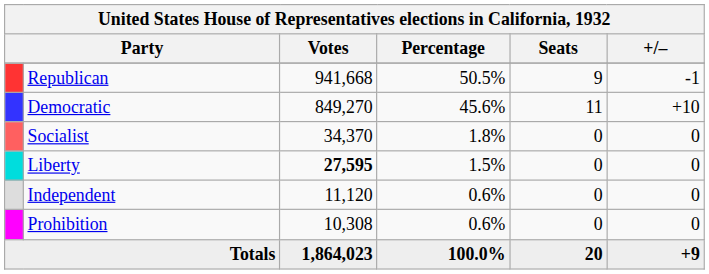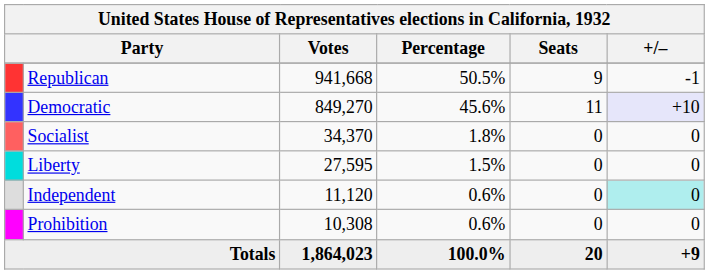 <table class="wikitable" style="font-size: 95%;">
 <tr>
 <th colspan="6">United States House of Representatives elections in California, 1932</th>
 </tr>
 <tr>
 <th colspan=2 style="width: 15em">Party</th>
 <th style="width: 5em">Votes</th>
 <th style="width: 7em">Percentage</th>
 <th style="width: 5em">Seats</th>
 <th style="width: 5em">+/–</th>
 </tr>
 <tr>
 </tr>
 <tr>
 <th style="background-color:#FF3333; width: 3px"></th>
 <td style="width: 130px"><a href='#'>Republican</a></td>
 <td style="text-align:right;">941,668</td>
 <td style="text-align:right;">50.5%</td>
 <td style="text-align:right;">9</td>
 <td style="text-align:right;">-1</td>
 </tr>
 <tr>
 <th style="background-color:#3333FF; width: 3px"></th>
 <td style="width: 130px"><a href='#'>Democratic</a></td>
 <td style="text-align:right;">849,270</td>
 <td style="text-align:right;">45.6%</td>
 <td style="text-align:right;">11</td>
-<td style="text-align:right;">+10</td>
+<td style="background: lavender; text-align:right;">+10</td>
 </tr>
 <tr>
 <th style="background-color:#FF6060; width: 3px"></th>
 <td style="width: 130px"><a href='#'>Socialist</a></td>
 <td style="text-align:right;">34,370</td>
 <td style="text-align:right;">1.8%</td>
 <td style="text-align:right;">0</td>
 <td style="text-align:right;">0</td>
 </tr>
 <tr>
 <th style="background-color:#00DDDD; width: 3px"></th>
 <td style="width: 130px"><a href='#'>Liberty</a></td>
-<td style="text-align:right;"><strong>27,595</strong></td>
+<td style="text-align:right;">27,595</td>
 <td style="text-align:right;">1.5%</td>
 <td style="text-align:right;">0</td>
 <td style="text-align:right;">0</td>
 </tr>
 <tr>
 <th style="background-color:#DDDDDD; width: 3px"></th>
 <td style="width: 130px"><a href='#'>Independent</a></td>
 <td style="text-align:right;">11,120</td>
 <td style="text-align:right;">0.6%</td>
 <td style="text-align:right;">0</td>
-<td style="text-align:right;">0</td>
+<td style="background: paleturquoise; text-align:right;">0</td>
 </tr>
 <tr>
 <th style="background-color:#FF00FF; width: 3px"></th>
 <td style="width: 130px"><a href='#'>Prohibition</a></td>
 <td style="text-align:right;">10,308</td>
 <td style="text-align:right;">0.6%</td>
 <td style="text-align:right;">0</td>
 <td style="text-align:right;">0</td>
 </tr>
 <tr style="background-color:#EEEEEE;">
 <td colspan="2" align="right"><strong>Totals</strong></td>
 <td style="text-align:right;"><strong>1,864,023</strong></td>
 <td style="text-align:right;"><strong>100.0%</strong></td>
 <td style="text-align:right;"><strong>20</strong></td>
 <td style="text-align:right;"><strong>+9</strong></td>
 </tr>
 </table>
